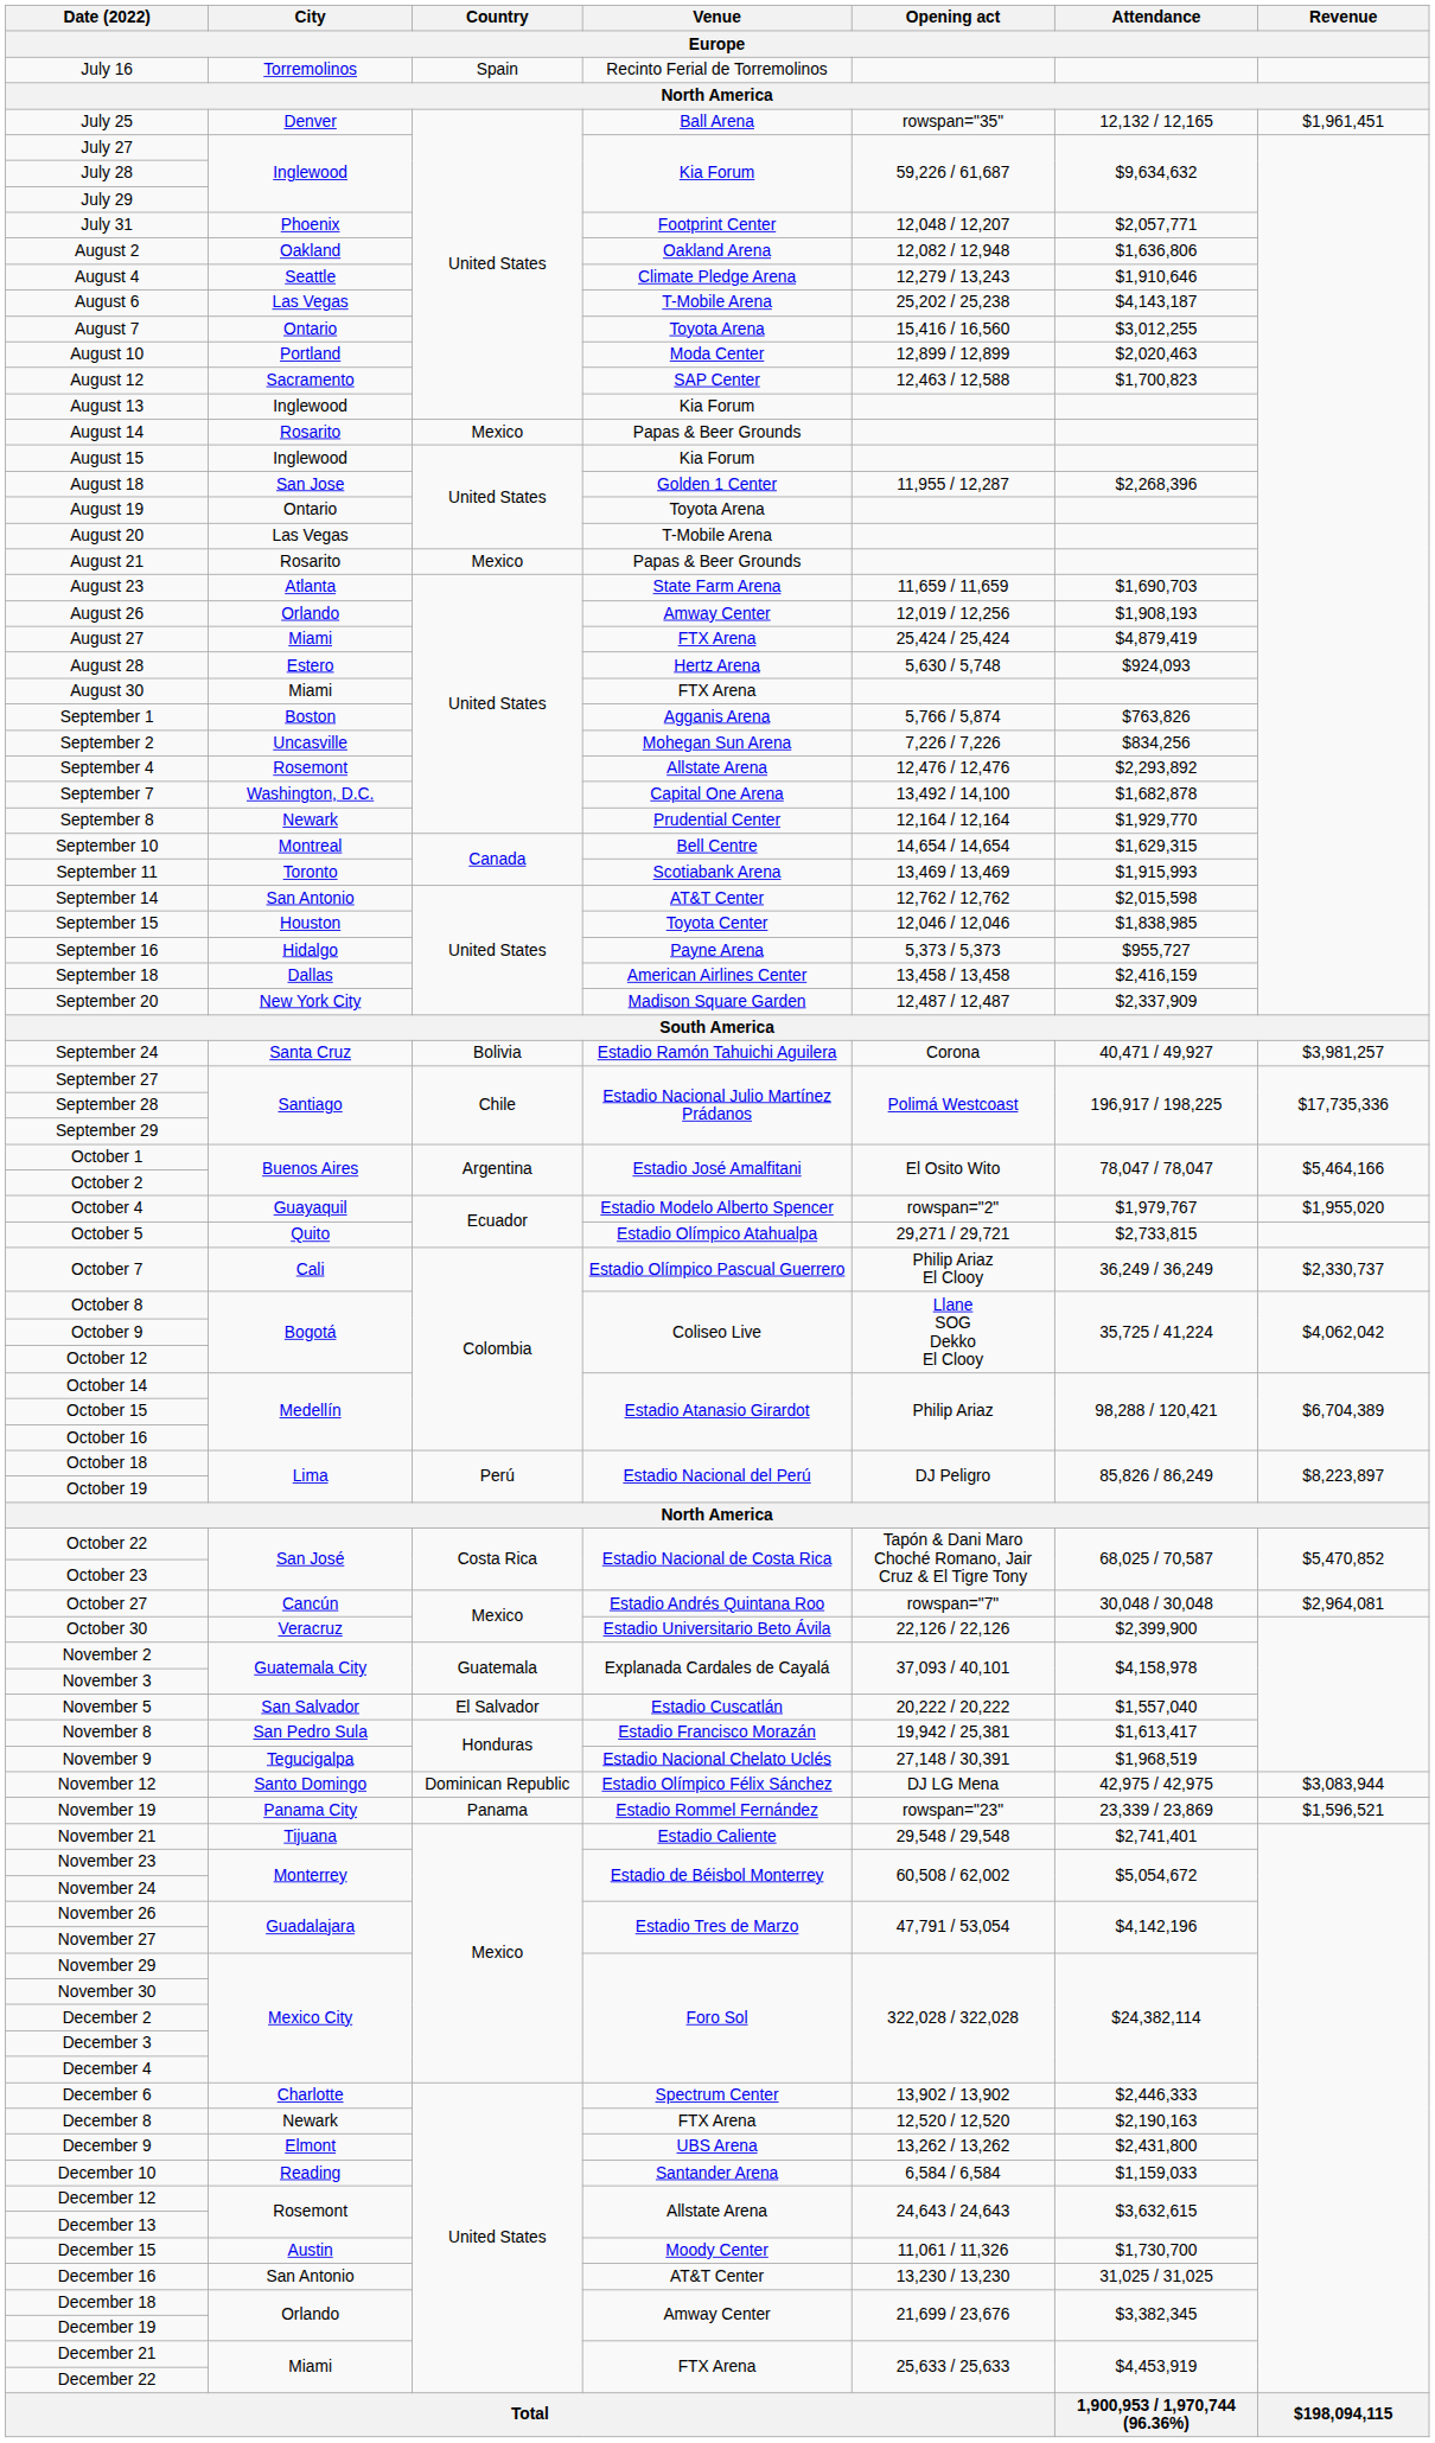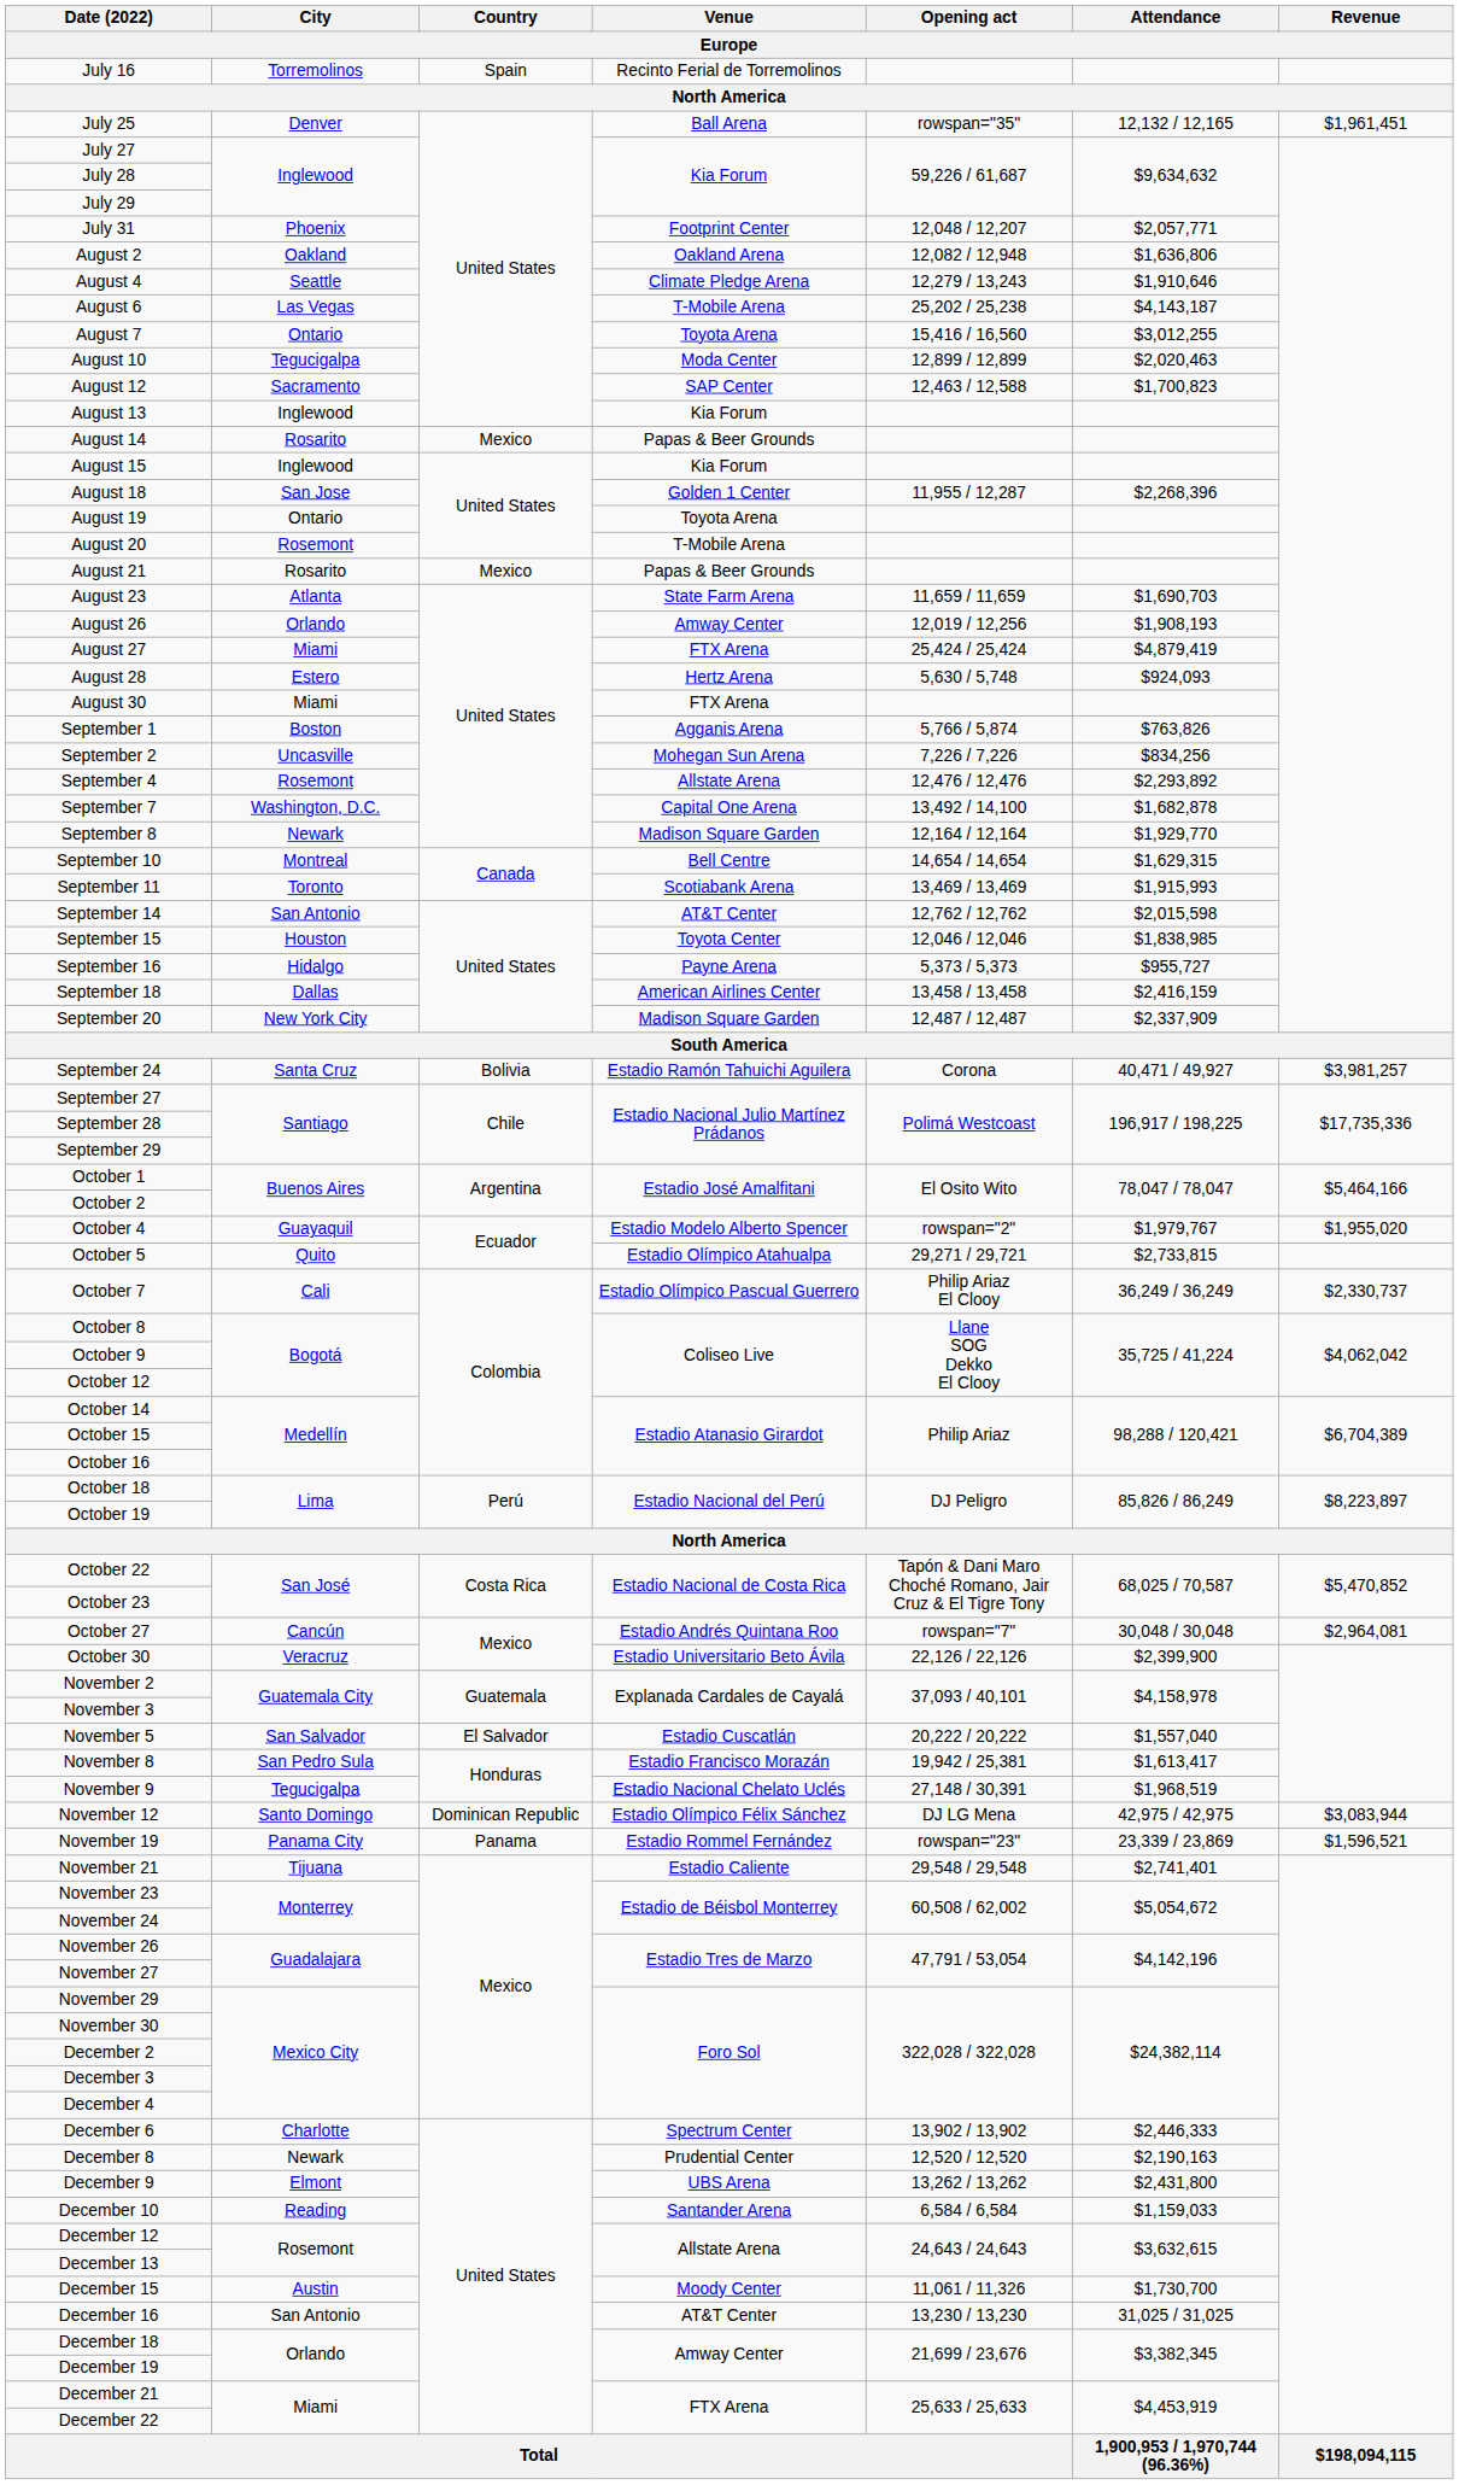 <table class="wikitable plainrowheaders" style="text-align:center;">
 <tr>
 <th scope="col" style="width:12em;">Date (2022)</th>
 <th scope="col" style="width:12em;">City</th>
 <th scope="col" style="width:10em;">Country</th>
 <th scope="col" style="width:16em;">Venue</th>
 <th scope="col" style="width:12em;">Opening act</th>
 <th scope="col" style="width:12em;">Attendance</th>
 <th scope="col" style="width:10em;">Revenue</th>
 </tr>
 <tr>
 <th colspan="7">Europe</th>
 </tr>
 <tr>
 <td>July 16</td>
 <td><a href='#'>Torremolinos</a></td>
 <td>Spain</td>
 <td>Recinto Ferial de Torremolinos</td>
 <td></td>
 <td></td>
 <td></td>
 </tr>
 <tr>
 <th colspan="7">North America</th>
 </tr>
 <tr>
 <td>July 25</td>
 <td><a href='#'>Denver</a></td>
 <td rowspan="12">United States</td>
 <td><a href='#'>Ball Arena</a></td>
 <td>rowspan="35" </td>
 <td>12,132 / 12,165</td>
 <td>$1,961,451</td>
 </tr>
 <tr>
 <td>July 27</td>
 <td rowspan="3"><a href='#'>Inglewood</a></td>
 <td rowspan="3"><a href='#'>Kia Forum</a></td>
 <td rowspan="3">59,226 / 61,687</td>
 <td rowspan="3">$9,634,632</td>
 </tr>
 <tr>
 <td>July 28</td>
 </tr>
 <tr>
 <td>July 29</td>
 </tr>
 <tr>
 <td>July 31</td>
 <td><a href='#'>Phoenix</a></td>
 <td><a href='#'>Footprint Center</a></td>
 <td>12,048 / 12,207</td>
 <td>$2,057,771</td>
 </tr>
 <tr>
 <td>August 2</td>
 <td><a href='#'>Oakland</a></td>
 <td><a href='#'>Oakland Arena</a></td>
 <td>12,082 / 12,948</td>
 <td>$1,636,806</td>
 </tr>
 <tr>
 <td>August 4</td>
 <td><a href='#'>Seattle</a></td>
 <td><a href='#'>Climate Pledge Arena</a></td>
 <td>12,279 / 13,243</td>
 <td>$1,910,646</td>
 </tr>
 <tr>
 <td>August 6</td>
 <td><a href='#'>Las Vegas</a></td>
 <td><a href='#'>T-Mobile Arena</a></td>
 <td>25,202 / 25,238</td>
 <td>$4,143,187</td>
 </tr>
 <tr>
 <td>August 7</td>
 <td><a href='#'>Ontario</a></td>
 <td><a href='#'>Toyota Arena</a></td>
 <td>15,416 / 16,560</td>
 <td>$3,012,255</td>
 </tr>
 <tr>
 <td>August 10</td>
-<td><a href='#'>Portland</a></td>
+<td><a href='#'>Tegucigalpa</a></td>
 <td><a href='#'>Moda Center</a></td>
 <td>12,899 / 12,899</td>
 <td>$2,020,463</td>
 </tr>
 <tr>
 <td>August 12</td>
 <td><a href='#'>Sacramento</a></td>
 <td><a href='#'>SAP Center</a></td>
 <td>12,463 / 12,588</td>
 <td>$1,700,823</td>
 </tr>
 <tr>
 <td>August 13</td>
 <td>Inglewood</td>
 <td>Kia Forum</td>
 <td></td>
 <td></td>
 </tr>
 <tr>
 <td>August 14</td>
 <td><a href='#'>Rosarito</a></td>
 <td>Mexico</td>
 <td>Papas & Beer Grounds</td>
 <td></td>
 <td></td>
 </tr>
 <tr>
 <td>August 15</td>
 <td>Inglewood</td>
 <td rowspan="4">United States</td>
 <td>Kia Forum</td>
 <td></td>
 <td></td>
 </tr>
 <tr>
 <td>August 18</td>
 <td><a href='#'>San Jose</a></td>
 <td><a href='#'>Golden 1 Center</a></td>
 <td>11,955 /  12,287</td>
 <td>$2,268,396</td>
 </tr>
 <tr>
 <td>August 19</td>
 <td>Ontario</td>
 <td>Toyota Arena</td>
 <td></td>
 <td></td>
 </tr>
 <tr>
 <td>August 20</td>
-<td>Las Vegas</td>
+<td><a href='#'>Rosemont</a></td>
 <td>T-Mobile Arena</td>
 <td></td>
 <td></td>
 </tr>
 <tr>
 <td>August 21</td>
 <td>Rosarito</td>
 <td>Mexico</td>
 <td>Papas & Beer Grounds</td>
 <td></td>
 <td></td>
 </tr>
 <tr>
 <td>August 23</td>
 <td><a href='#'>Atlanta</a></td>
 <td rowspan="10">United States</td>
 <td><a href='#'>State Farm Arena</a></td>
 <td>11,659 / 11,659</td>
 <td>$1,690,703</td>
 </tr>
 <tr>
 <td>August 26</td>
 <td><a href='#'>Orlando</a></td>
 <td><a href='#'>Amway Center</a></td>
 <td>12,019 / 12,256</td>
 <td>$1,908,193</td>
 </tr>
 <tr>
 <td>August 27</td>
 <td><a href='#'>Miami</a></td>
 <td><a href='#'>FTX Arena</a></td>
 <td>25,424 / 25,424</td>
 <td>$4,879,419</td>
 </tr>
 <tr>
 <td>August 28</td>
 <td><a href='#'>Estero</a></td>
 <td><a href='#'>Hertz Arena</a></td>
 <td>5,630 / 5,748</td>
 <td>$924,093</td>
 </tr>
 <tr>
 <td>August 30</td>
 <td>Miami</td>
 <td>FTX Arena</td>
 <td></td>
 <td></td>
 </tr>
 <tr>
 <td>September 1</td>
 <td><a href='#'>Boston</a></td>
 <td><a href='#'>Agganis Arena</a></td>
 <td>5,766 / 5,874</td>
 <td>$763,826</td>
 </tr>
 <tr>
 <td>September 2</td>
 <td><a href='#'>Uncasville</a></td>
 <td><a href='#'>Mohegan Sun Arena</a></td>
 <td>7,226 / 7,226</td>
 <td>$834,256</td>
 </tr>
 <tr>
 <td>September 4</td>
 <td><a href='#'>Rosemont</a></td>
 <td><a href='#'>Allstate Arena</a></td>
 <td>12,476 / 12,476</td>
 <td>$2,293,892</td>
 </tr>
 <tr>
 <td>September 7</td>
 <td><a href='#'>Washington, D.C.</a></td>
 <td><a href='#'>Capital One Arena</a></td>
 <td>13,492 / 14,100</td>
 <td>$1,682,878</td>
 </tr>
 <tr>
 <td>September 8</td>
 <td><a href='#'>Newark</a></td>
-<td><a href='#'>Prudential Center</a></td>
+<td><a href='#'>Madison Square Garden</a></td>
 <td>12,164 / 12,164</td>
 <td>$1,929,770</td>
 </tr>
 <tr>
 <td>September 10</td>
 <td><a href='#'>Montreal</a></td>
 <td rowspan="2"><a href='#'>Canada</a></td>
 <td><a href='#'>Bell Centre</a></td>
 <td>14,654 / 14,654</td>
 <td>$1,629,315</td>
 </tr>
 <tr>
 <td>September 11</td>
 <td><a href='#'>Toronto</a></td>
 <td><a href='#'>Scotiabank Arena</a></td>
 <td>13,469 / 13,469</td>
 <td>$1,915,993</td>
 </tr>
 <tr>
 <td>September 14</td>
 <td><a href='#'>San Antonio</a></td>
 <td rowspan="5">United States</td>
 <td><a href='#'>AT&T Center</a></td>
 <td>12,762 / 12,762</td>
 <td>$2,015,598</td>
 </tr>
 <tr>
 <td>September 15</td>
 <td><a href='#'>Houston</a></td>
 <td><a href='#'>Toyota Center</a></td>
 <td>12,046 / 12,046</td>
 <td>$1,838,985</td>
 </tr>
 <tr>
 <td>September 16</td>
 <td><a href='#'>Hidalgo</a></td>
 <td><a href='#'>Payne Arena</a></td>
 <td>5,373 / 5,373</td>
 <td>$955,727</td>
 </tr>
 <tr>
 <td>September 18</td>
 <td><a href='#'>Dallas</a></td>
 <td><a href='#'>American Airlines Center</a></td>
 <td>13,458 / 13,458</td>
 <td>$2,416,159</td>
 </tr>
 <tr>
 <td>September 20</td>
 <td><a href='#'>New York City</a></td>
 <td><a href='#'>Madison Square Garden</a></td>
 <td>12,487 / 12,487</td>
 <td>$2,337,909</td>
 </tr>
 <tr>
 <th colspan="7">South America</th>
 </tr>
 <tr>
 <td>September 24</td>
 <td><a href='#'>Santa Cruz</a></td>
 <td>Bolivia</td>
 <td><a href='#'>Estadio Ramón Tahuichi Aguilera</a></td>
 <td>Corona</td>
 <td>40,471 / 49,927</td>
 <td>$3,981,257</td>
 </tr>
 <tr>
 <td>September 27</td>
 <td rowspan="3"><a href='#'>Santiago</a></td>
 <td rowspan="3">Chile</td>
 <td rowspan="3"><a href='#'>Estadio Nacional Julio Martínez Prádanos</a></td>
 <td rowspan="3"><a href='#'>Polimá Westcoast</a></td>
 <td rowspan="3">196,917 / 198,225</td>
 <td rowspan="3">$17,735,336</td>
 </tr>
 <tr>
 <td>September 28</td>
 </tr>
 <tr>
 <td>September 29</td>
 </tr>
 <tr>
 <td>October 1</td>
 <td rowspan="2"><a href='#'>Buenos Aires</a></td>
 <td rowspan="2">Argentina</td>
 <td rowspan="2"><a href='#'>Estadio José Amalfitani</a></td>
 <td rowspan="2">El Osito Wito</td>
 <td rowspan="2">78,047 / 78,047</td>
 <td rowspan="2">$5,464,166</td>
 </tr>
 <tr>
 <td>October 2</td>
 </tr>
 <tr>
 <td>October 4</td>
 <td><a href='#'>Guayaquil</a></td>
 <td rowspan="2">Ecuador</td>
 <td><a href='#'>Estadio Modelo Alberto Spencer</a></td>
 <td>rowspan="2" </td>
 <td>$1,979,767</td>
 <td>$1,955,020</td>
 </tr>
 <tr>
 <td>October 5</td>
 <td><a href='#'>Quito</a></td>
 <td><a href='#'>Estadio Olímpico Atahualpa</a></td>
 <td>29,271 / 29,721</td>
 <td>$2,733,815</td>
 </tr>
 <tr>
 <td>October 7</td>
 <td><a href='#'>Cali</a></td>
 <td rowspan="7">Colombia</td>
 <td><a href='#'>Estadio Olímpico Pascual Guerrero</a></td>
 <td>Philip Ariaz<br>El Clooy</td>
 <td>36,249 / 36,249</td>
 <td>$2,330,737</td>
 </tr>
 <tr>
 <td>October 8</td>
 <td rowspan="3"><a href='#'>Bogotá</a></td>
 <td rowspan="3">Coliseo Live</td>
 <td rowspan="3"><a href='#'>Llane</a><br>SOG<br>Dekko<br>El Clooy</td>
 <td rowspan="3">35,725 / 41,224</td>
 <td rowspan="3">$4,062,042</td>
 </tr>
 <tr>
 <td>October 9</td>
 </tr>
 <tr>
 <td>October 12</td>
 </tr>
 <tr>
 <td>October 14</td>
 <td rowspan="3"><a href='#'>Medellín</a></td>
 <td rowspan="3"><a href='#'>Estadio Atanasio Girardot</a></td>
 <td rowspan="3">Philip Ariaz</td>
 <td rowspan="3">98,288 / 120,421</td>
 <td rowspan="3">$6,704,389</td>
 </tr>
 <tr>
 <td>October 15</td>
 </tr>
 <tr>
 <td>October 16</td>
 </tr>
 <tr>
 <td>October 18</td>
 <td rowspan="2"><a href='#'>Lima</a></td>
 <td rowspan="2">Perú</td>
 <td rowspan="2"><a href='#'>Estadio Nacional del Perú</a></td>
 <td rowspan="2">DJ Peligro</td>
 <td rowspan="2">85,826 / 86,249</td>
 <td rowspan="2">$8,223,897</td>
 </tr>
 <tr>
 <td>October 19</td>
 </tr>
 <tr>
 <th colspan="7">North America</th>
 </tr>
 <tr>
 <td>October 22</td>
 <td rowspan="2"><a href='#'>San José</a></td>
 <td rowspan="2">Costa Rica</td>
 <td rowspan="2"><a href='#'>Estadio Nacional de Costa Rica</a></td>
 <td rowspan="2">Tapón & Dani Maro<br>Choché Romano, Jair Cruz & El Tigre Tony</td>
 <td rowspan="2">68,025 / 70,587</td>
 <td rowspan="2">$5,470,852</td>
 </tr>
 <tr>
 <td>October 23</td>
 </tr>
 <tr>
 <td>October 27</td>
 <td><a href='#'>Cancún</a></td>
 <td rowspan="2">Mexico</td>
 <td><a href='#'>Estadio Andrés Quintana Roo</a></td>
 <td>rowspan="7" </td>
 <td>30,048 / 30,048</td>
 <td>$2,964,081</td>
 </tr>
 <tr>
 <td>October 30</td>
 <td><a href='#'>Veracruz</a></td>
 <td><a href='#'>Estadio Universitario Beto Ávila</a></td>
 <td>22,126 / 22,126</td>
 <td>$2,399,900</td>
 </tr>
 <tr>
 <td>November 2</td>
 <td rowspan="2"><a href='#'>Guatemala City</a></td>
 <td rowspan="2">Guatemala</td>
 <td rowspan="2">Explanada Cardales de Cayalá</td>
 <td rowspan="2">37,093 / 40,101</td>
 <td rowspan="2">$4,158,978</td>
 </tr>
 <tr>
 <td>November 3</td>
 </tr>
 <tr>
 <td>November 5</td>
 <td><a href='#'>San Salvador</a></td>
 <td>El Salvador</td>
 <td><a href='#'>Estadio Cuscatlán</a></td>
 <td>20,222 / 20,222</td>
 <td>$1,557,040</td>
 </tr>
 <tr>
 <td>November 8</td>
 <td><a href='#'>San Pedro Sula</a></td>
 <td rowspan="2">Honduras</td>
 <td><a href='#'>Estadio Francisco Morazán</a></td>
 <td>19,942 / 25,381</td>
 <td>$1,613,417</td>
 </tr>
 <tr>
 <td>November 9</td>
 <td><a href='#'>Tegucigalpa</a></td>
 <td><a href='#'>Estadio Nacional Chelato Uclés</a></td>
 <td>27,148 / 30,391</td>
 <td>$1,968,519</td>
 </tr>
 <tr>
 <td>November 12</td>
 <td><a href='#'>Santo Domingo</a></td>
 <td>Dominican Republic</td>
 <td><a href='#'>Estadio Olímpico Félix Sánchez</a></td>
 <td>DJ LG Mena</td>
 <td>42,975 / 42,975</td>
 <td>$3,083,944</td>
 </tr>
 <tr>
 <td>November 19</td>
 <td><a href='#'>Panama City</a></td>
 <td>Panama</td>
 <td><a href='#'>Estadio Rommel Fernández</a></td>
 <td>rowspan="23" </td>
 <td>23,339 / 23,869</td>
 <td>$1,596,521</td>
 </tr>
 <tr>
 <td>November 21</td>
 <td><a href='#'>Tijuana</a></td>
 <td rowspan="10">Mexico</td>
 <td><a href='#'>Estadio Caliente</a></td>
 <td>29,548 / 29,548</td>
 <td>$2,741,401</td>
 </tr>
 <tr>
 <td>November 23</td>
 <td rowspan="2"><a href='#'>Monterrey</a></td>
 <td rowspan="2"><a href='#'>Estadio de Béisbol Monterrey</a></td>
 <td rowspan="2">60,508 / 62,002</td>
 <td rowspan="2">$5,054,672</td>
 </tr>
 <tr>
 <td>November 24</td>
 </tr>
 <tr>
 <td>November 26</td>
 <td rowspan="2"><a href='#'>Guadalajara</a></td>
 <td rowspan="2"><a href='#'>Estadio Tres de Marzo</a></td>
 <td rowspan="2">47,791 / 53,054</td>
 <td rowspan="2">$4,142,196</td>
 </tr>
 <tr>
 <td>November 27</td>
 </tr>
 <tr>
 <td>November 29</td>
 <td rowspan="5"><a href='#'>Mexico City</a></td>
 <td rowspan="5"><a href='#'>Foro Sol</a></td>
 <td rowspan="5">322,028 / 322,028</td>
 <td rowspan="5">$24,382,114</td>
 </tr>
 <tr>
 <td>November 30</td>
 </tr>
 <tr>
 <td>December 2</td>
 </tr>
 <tr>
 <td>December 3</td>
 </tr>
 <tr>
 <td>December 4</td>
 </tr>
 <tr>
 <td>December 6</td>
 <td><a href='#'>Charlotte</a></td>
 <td rowspan="12">United States</td>
 <td><a href='#'>Spectrum Center</a></td>
 <td>13,902 / 13,902</td>
 <td>$2,446,333</td>
 </tr>
 <tr>
 <td>December 8</td>
 <td>Newark</td>
-<td>FTX Arena</td>
+<td>Prudential Center</td>
 <td>12,520 / 12,520</td>
 <td>$2,190,163</td>
 </tr>
 <tr>
 <td>December 9</td>
 <td><a href='#'>Elmont</a></td>
 <td><a href='#'>UBS Arena</a></td>
 <td>13,262 / 13,262</td>
 <td>$2,431,800</td>
 </tr>
 <tr>
 <td>December 10</td>
 <td><a href='#'>Reading</a></td>
 <td><a href='#'>Santander Arena</a></td>
 <td>6,584 / 6,584</td>
 <td>$1,159,033</td>
 </tr>
 <tr>
 <td>December 12</td>
 <td rowspan="2">Rosemont</td>
 <td rowspan="2">Allstate Arena</td>
 <td rowspan="2">24,643 / 24,643</td>
 <td rowspan="2">$3,632,615</td>
 </tr>
 <tr>
 <td>December 13</td>
 </tr>
 <tr>
 <td>December 15</td>
 <td><a href='#'>Austin</a></td>
 <td><a href='#'>Moody Center</a></td>
 <td>11,061 / 11,326</td>
 <td>$1,730,700</td>
 </tr>
 <tr>
 <td>December 16</td>
 <td>San Antonio</td>
 <td>AT&T Center</td>
 <td>13,230 / 13,230</td>
 <td>31,025 / 31,025</td>
 </tr>
 <tr>
 <td>December 18</td>
 <td rowspan="2">Orlando</td>
 <td rowspan="2">Amway Center</td>
 <td rowspan="2">21,699 / 23,676</td>
 <td rowspan="2">$3,382,345</td>
 </tr>
 <tr>
 <td>December 19</td>
 </tr>
 <tr>
 <td>December 21</td>
 <td rowspan="2">Miami</td>
 <td rowspan="2">FTX Arena</td>
 <td rowspan="2">25,633 / 25,633</td>
 <td rowspan="2">$4,453,919</td>
 </tr>
 <tr>
 <td>December 22</td>
 </tr>
 <tr>
 <th colspan="5">Total</th>
 <th>1,900,953 / 1,970,744 (96.36%)</th>
 <th>$198,094,115</th>
 </tr>
 </table>
